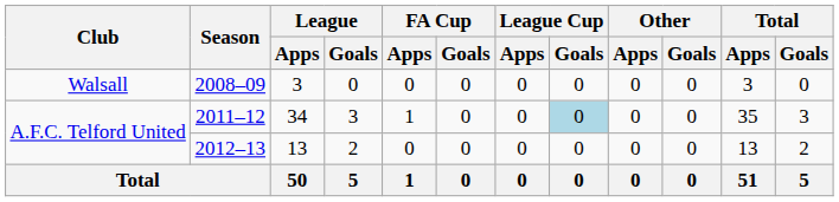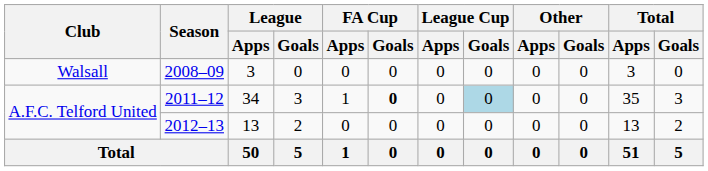 <table class="wikitable" style="text-align: center;">
 <tr>
 <th rowspan="2">Club</th>
 <th rowspan="2">Season</th>
 <th colspan="2">League</th>
 <th colspan="2">FA Cup</th>
 <th colspan="2">League Cup</th>
 <th colspan="2">Other</th>
 <th colspan="2">Total</th>
 </tr>
 <tr>
 <th>Apps</th>
 <th>Goals</th>
 <th>Apps</th>
 <th>Goals</th>
 <th>Apps</th>
 <th>Goals</th>
 <th>Apps</th>
 <th>Goals</th>
 <th>Apps</th>
 <th>Goals</th>
 </tr>
 <tr>
 <td><a href='#'>Walsall</a></td>
 <td><a href='#'>2008–09</a></td>
 <td>3</td>
 <td>0</td>
 <td>0</td>
 <td>0</td>
 <td>0</td>
 <td>0</td>
 <td>0</td>
 <td>0</td>
 <td>3</td>
 <td>0</td>
 </tr>
 <tr>
 <td rowspan="2"><a href='#'>A.F.C. Telford United</a></td>
 <td><a href='#'>2011–12</a></td>
 <td>34</td>
 <td>3</td>
 <td>1</td>
-<td>0</td>
+<td><strong>0</strong></td>
 <td>0</td>
 <td style="background: lightblue;">0</td>
 <td>0</td>
 <td>0</td>
 <td>35</td>
 <td>3</td>
 </tr>
 <tr>
 <td><a href='#'>2012–13</a></td>
 <td>13</td>
 <td>2</td>
 <td>0</td>
 <td>0</td>
 <td>0</td>
 <td>0</td>
 <td>0</td>
 <td>0</td>
 <td>13</td>
 <td>2</td>
 </tr>
 <tr>
 <th colspan="2">Total</th>
 <th>50</th>
 <th>5</th>
 <th>1</th>
 <th>0</th>
 <th>0</th>
 <th>0</th>
 <th>0</th>
 <th>0</th>
 <th>51</th>
 <th>5</th>
 </tr>
 </table>
